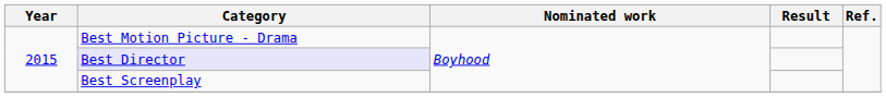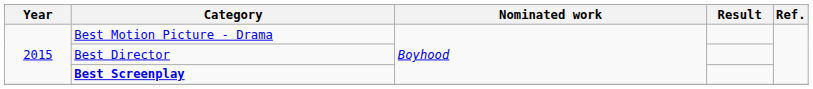 <table class=wikitable>
 <tr>
 <th scope="col" style="width:5em;">Year</th>
 <th scope="col" style="width:26em;">Category</th>
 <th scope="col" style="width:25em;">Nominated work</th>
 <th scope="col" style="width:5em;">Result</th>
 <th>Ref.</th>
 </tr>
 <tr>
 <td rowspan="3" style="text-align:center;" ,><a href='#'>2015</a></td>
 <td><a href='#'>Best Motion Picture - Drama</a></td>
 <td rowspan="3"><em><a href='#'>Boyhood</a></em></td>
 <td></td>
 <td rowspan="3"></td>
 </tr>
 <tr>
-<td style="background: lavender;"><a href='#'>Best Director</a></td>
+<td><a href='#'>Best Director</a></td>
 <td></td>
 </tr>
 <tr>
-<td><a href='#'>Best Screenplay</a></td>
+<td><strong><a href='#'>Best Screenplay</a></strong></td>
 <td></td>
 </tr>
 <tr>
 </tr>
 </table>
